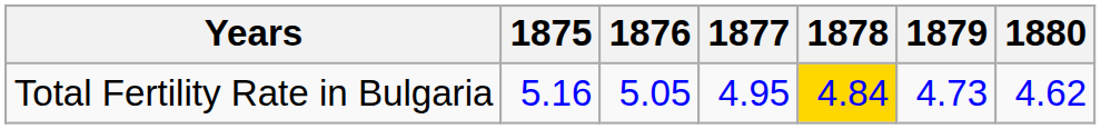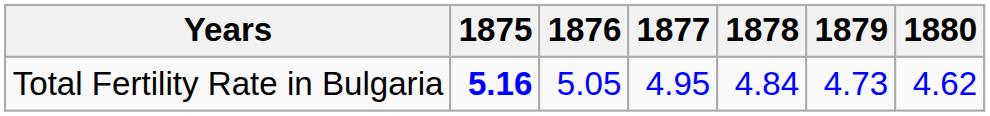 <table class="wikitable " style="text-align:right">
 <tr>
 <th>Years</th>
 <th>1875</th>
 <th>1876</th>
 <th>1877</th>
 <th>1878</th>
 <th>1879</th>
 <th>1880</th>
 </tr>
 <tr>
 <td align="left">Total Fertility Rate in Bulgaria</td>
-<td style="text-align:right; color:blue;">5.16</td>
+<td style="text-align:right; color:blue;"><strong>5.16</strong></td>
 <td style="text-align:right; color:blue;">5.05</td>
 <td style="text-align:right; color:blue;">4.95</td>
-<td style="background: gold; text-align:right; color:blue;">4.84</td>
+<td style="text-align:right; color:blue;">4.84</td>
 <td style="text-align:right; color:blue;">4.73</td>
 <td style="text-align:right; color:blue;">4.62</td>
 </tr>
 </table>
